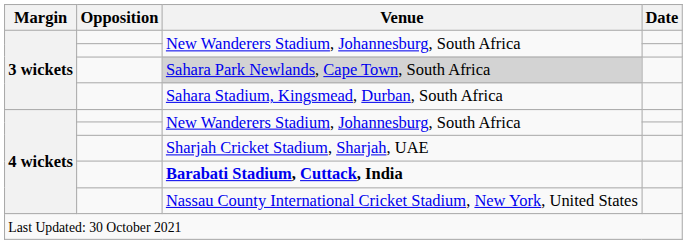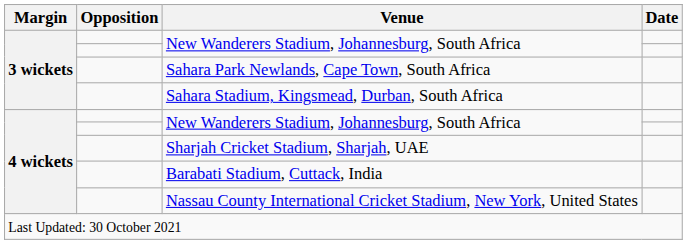 <table class="wikitable plainrowheaders sortable">
 <tr>
 <th scope=col>Margin</th>
 <th scope=col>Opposition</th>
 <th scope=col>Venue</th>
 <th scope=col>Date</th>
 </tr>
 <tr>
 <th scope=row style=text-align:center rowspan=4><strong>3 wickets</strong></th>
 <td></td>
 <td rowspan=2><a href='#'>New Wanderers Stadium</a>, <a href='#'>Johannesburg</a>, South Africa</td>
 <td></td>
 </tr>
 <tr>
 <td></td>
 <td> </td>
 </tr>
 <tr>
 <td></td>
-<td style="background: lightgrey;"><a href='#'>Sahara Park Newlands</a>, <a href='#'>Cape Town</a>, South Africa</td>
+<td><a href='#'>Sahara Park Newlands</a>, <a href='#'>Cape Town</a>, South Africa</td>
 <td> </td>
 </tr>
 <tr>
 <td></td>
 <td><a href='#'>Sahara Stadium, Kingsmead</a>, <a href='#'>Durban</a>, South Africa</td>
 <td></td>
 </tr>
 <tr>
 <th scope=row style=text-align:center rowspan=5><strong>4 wickets</strong></th>
 <td></td>
 <td rowspan=2><a href='#'>New Wanderers Stadium</a>, <a href='#'>Johannesburg</a>, South Africa</td>
 <td></td>
 </tr>
 <tr>
 <td></td>
 <td></td>
 </tr>
 <tr>
 <td></td>
 <td><a href='#'>Sharjah Cricket Stadium</a>, <a href='#'>Sharjah</a>, UAE</td>
 <td> </td>
 </tr>
 <tr>
 <td></td>
-<td><strong><a href='#'>Barabati Stadium</a>, <a href='#'>Cuttack</a>, India</strong></td>
+<td><a href='#'>Barabati Stadium</a>, <a href='#'>Cuttack</a>, India</td>
 <td></td>
 </tr>
 <tr>
 <td></td>
 <td><a href='#'>Nassau County International Cricket Stadium</a>, <a href='#'>New York</a>, United States</td>
 <td> </td>
 </tr>
 <tr class=sortbottom>
 <td colspan="5"><small>Last Updated: 30 October 2021</small></td>
 </tr>
 </table>
